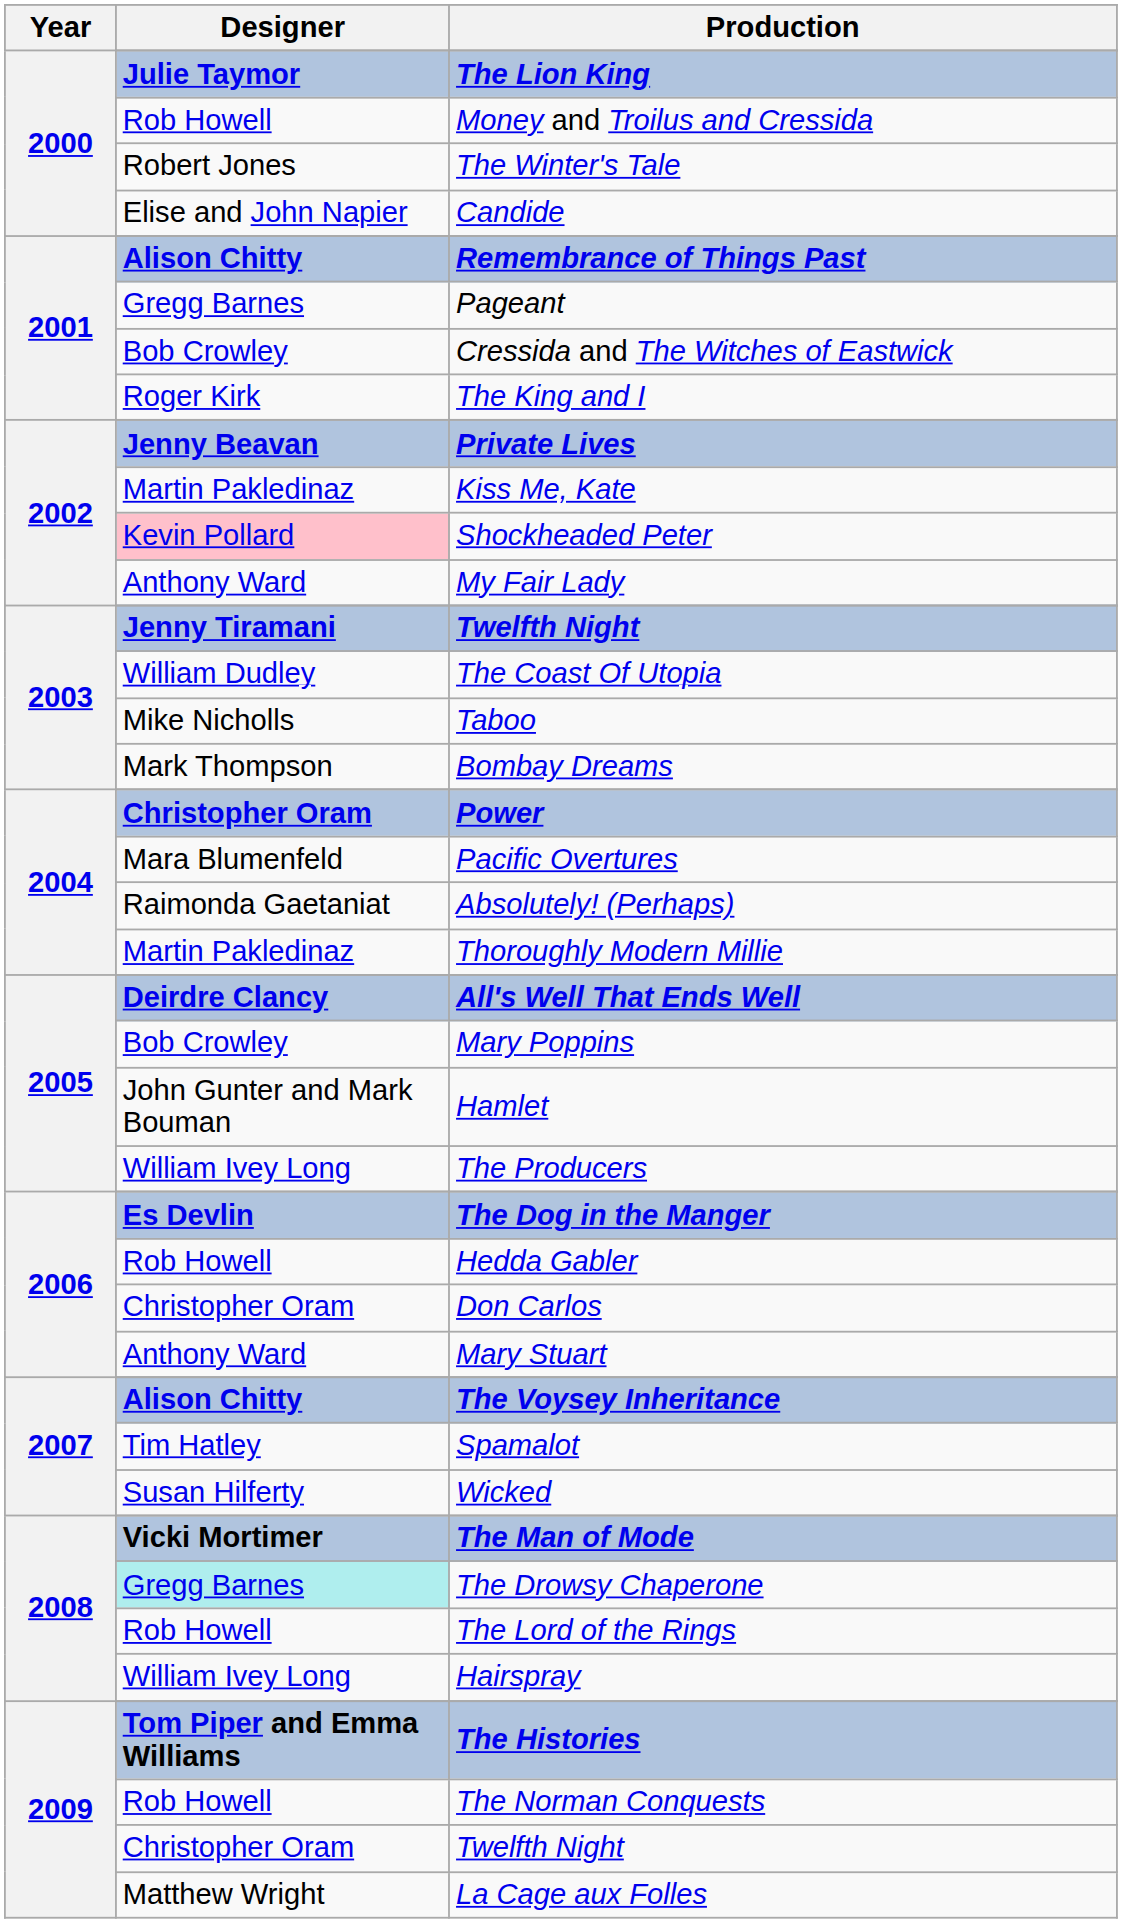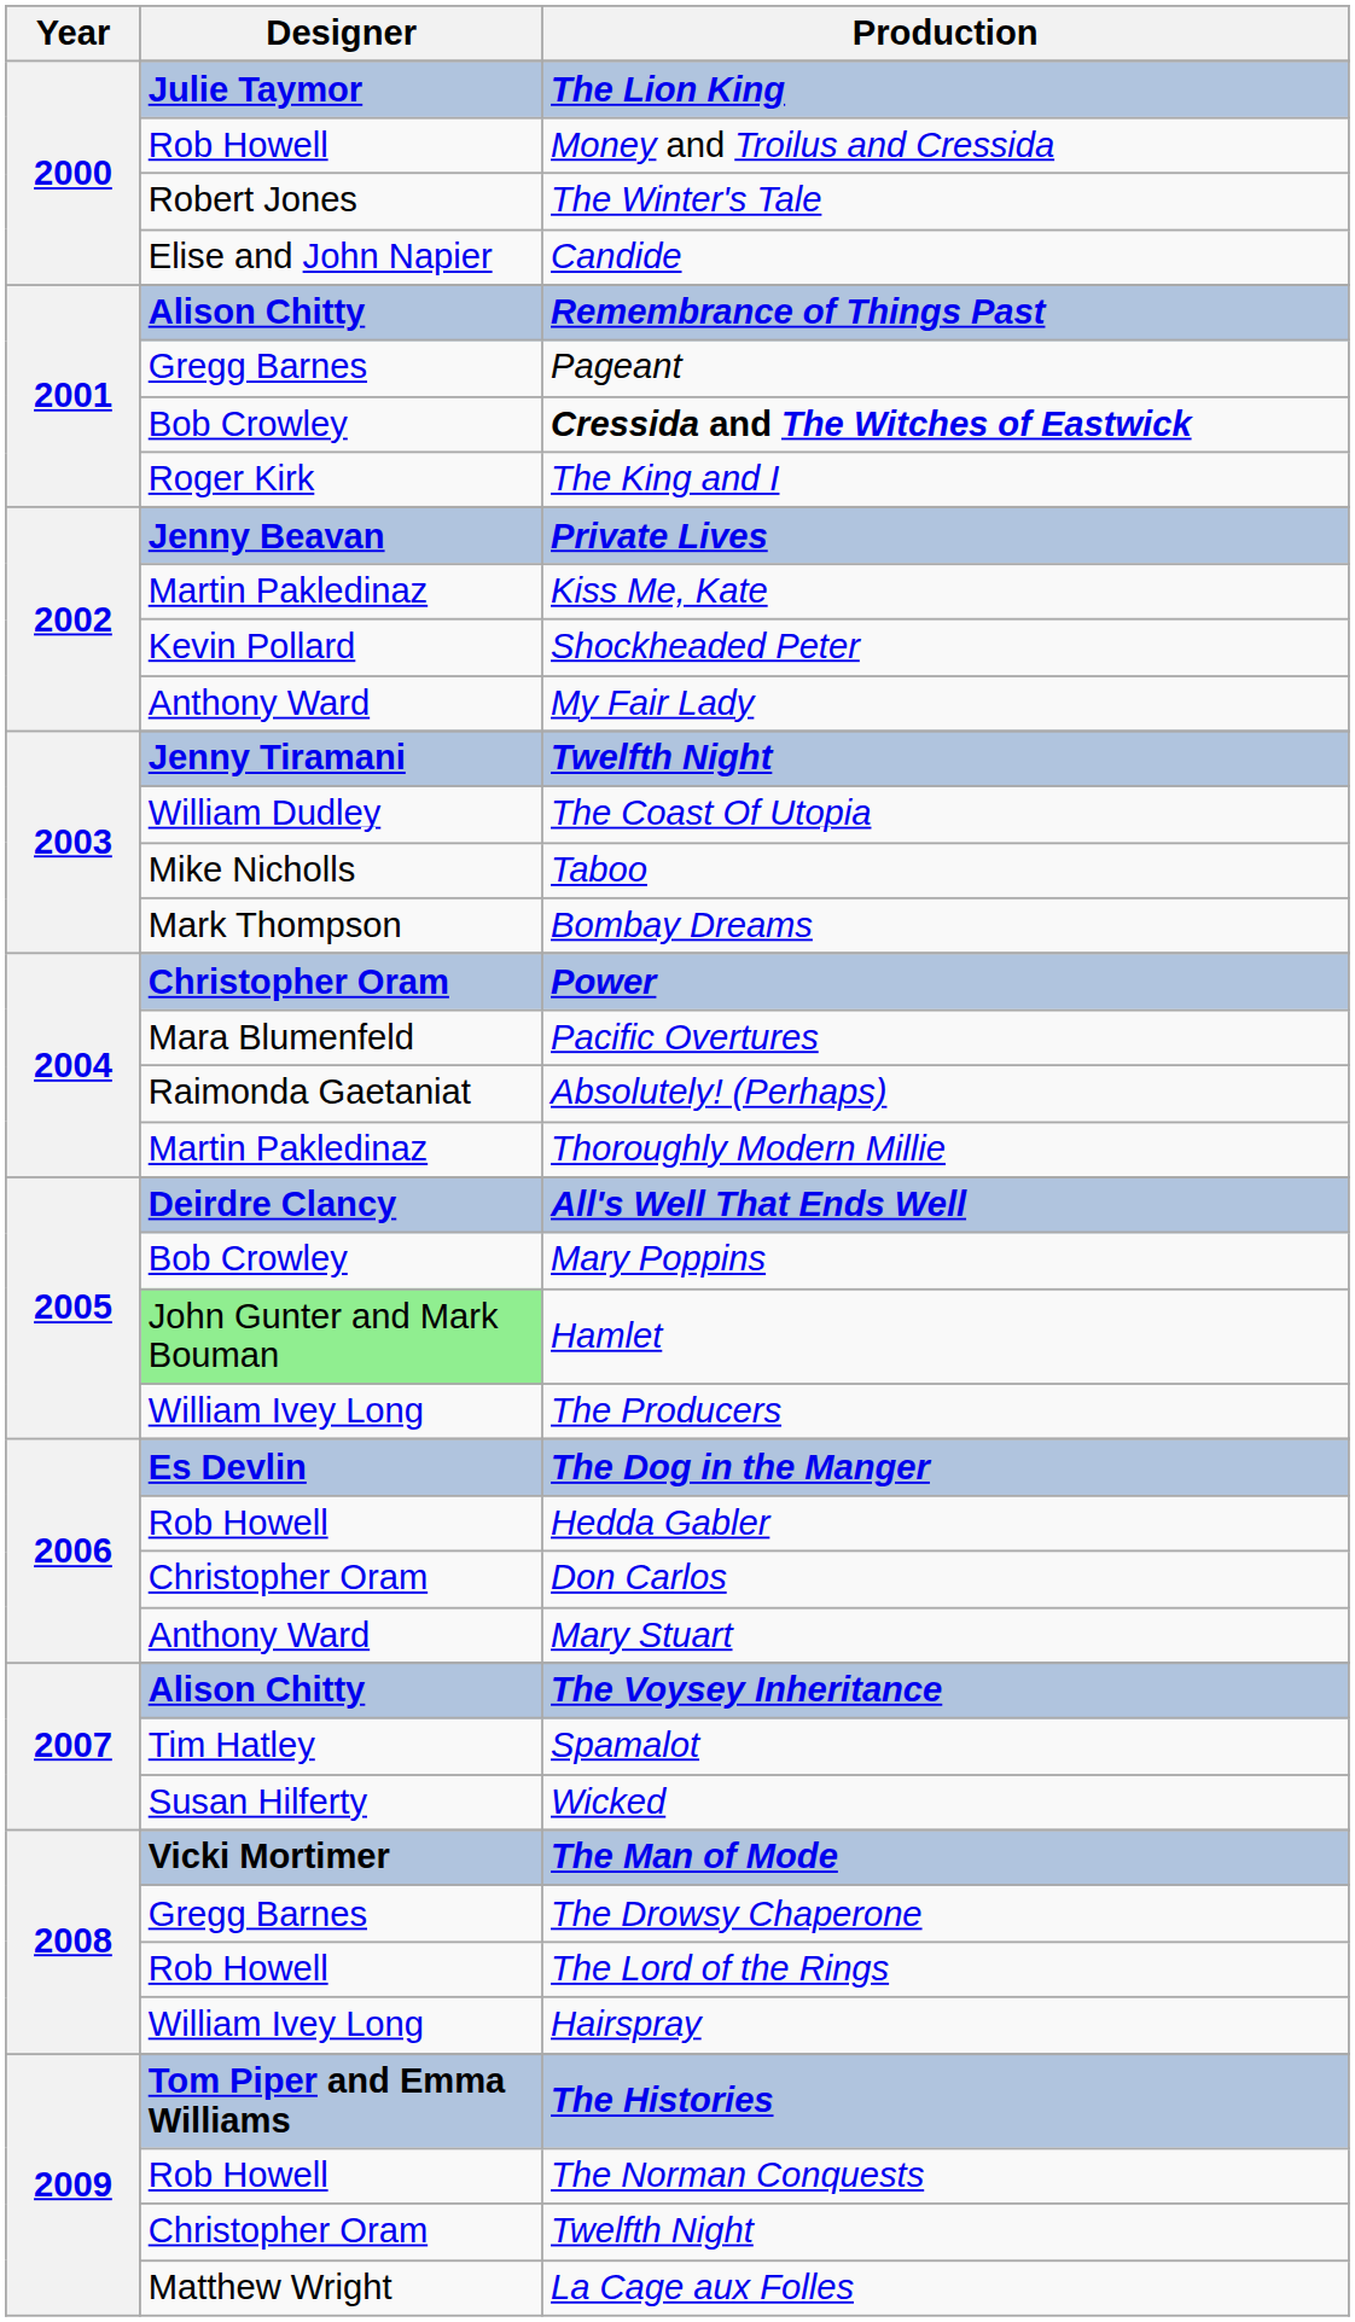 <table class="wikitable" style="width:98%;">
 <tr style="background:#bebebe;">
 <th style="width:10%;">Year</th>
 <th style="width:30%;">Designer</th>
 <th style="width:60%;">Production</th>
 </tr>
 <tr>
 <th rowspan="5" align="center"><a href='#'>2000</a></th>
 </tr>
 <tr style="background:#B0C4DE">
 <td><strong><a href='#'>Julie Taymor</a></strong></td>
 <td><strong><em><a href='#'>The Lion King</a></em></strong></td>
 </tr>
 <tr>
 <td><a href='#'>Rob Howell</a></td>
 <td><em><a href='#'>Money</a></em> and <em><a href='#'>Troilus and Cressida</a></em></td>
 </tr>
 <tr>
 <td>Robert Jones</td>
 <td><em><a href='#'>The Winter's Tale</a></em></td>
 </tr>
 <tr>
 <td>Elise and <a href='#'>John Napier</a></td>
 <td><em><a href='#'>Candide</a></em></td>
 </tr>
 <tr>
 <th rowspan="5" align="center"><a href='#'>2001</a></th>
 </tr>
 <tr style="background:#B0C4DE">
 <td><strong><a href='#'>Alison Chitty</a></strong></td>
 <td><strong><em><a href='#'>Remembrance of Things Past</a></em></strong></td>
 </tr>
 <tr>
 <td><a href='#'>Gregg Barnes</a></td>
 <td><em>Pageant</em></td>
 </tr>
 <tr>
 <td><a href='#'>Bob Crowley</a></td>
-<td><em>Cressida</em> and <em><a href='#'>The Witches of Eastwick</a></em></td>
+<td><strong><em>Cressida</em> and <em><a href='#'>The Witches of Eastwick</a></em></strong></td>
 </tr>
 <tr>
 <td><a href='#'>Roger Kirk</a></td>
 <td><em><a href='#'>The King and I</a></em></td>
 </tr>
 <tr>
 <th rowspan="5" align="center"><a href='#'>2002</a></th>
 </tr>
 <tr style="background:#B0C4DE">
 <td><strong><a href='#'>Jenny Beavan</a></strong></td>
 <td><strong><em><a href='#'>Private Lives</a></em></strong></td>
 </tr>
 <tr>
 <td><a href='#'>Martin Pakledinaz</a></td>
 <td><em><a href='#'>Kiss Me, Kate</a></em></td>
 </tr>
 <tr>
-<td style="background: pink;"><a href='#'>Kevin Pollard</a></td>
+<td><a href='#'>Kevin Pollard</a></td>
 <td><em><a href='#'>Shockheaded Peter</a></em></td>
 </tr>
 <tr>
 <td><a href='#'>Anthony Ward</a></td>
 <td><em><a href='#'>My Fair Lady</a></em></td>
 </tr>
 <tr>
 <th rowspan="5" align="center"><a href='#'>2003</a></th>
 </tr>
 <tr style="background:#B0C4DE">
 <td><strong><a href='#'>Jenny Tiramani</a></strong></td>
 <td><strong><em><a href='#'>Twelfth Night</a></em></strong></td>
 </tr>
 <tr>
 <td><a href='#'>William Dudley</a></td>
 <td><em><a href='#'>The Coast Of Utopia</a></em></td>
 </tr>
 <tr>
 <td>Mike Nicholls</td>
 <td><em><a href='#'>Taboo</a></em></td>
 </tr>
 <tr>
 <td>Mark Thompson</td>
 <td><em><a href='#'>Bombay Dreams</a></em></td>
 </tr>
 <tr>
 <th rowspan="5" align="center"><a href='#'>2004</a></th>
 </tr>
 <tr style="background:#B0C4DE">
 <td><strong><a href='#'>Christopher Oram</a></strong></td>
 <td><strong><em><a href='#'>Power</a></em></strong></td>
 </tr>
 <tr>
 <td>Mara Blumenfeld</td>
 <td><em><a href='#'>Pacific Overtures</a></em></td>
 </tr>
 <tr>
 <td>Raimonda Gaetaniat</td>
 <td><em><a href='#'>Absolutely! (Perhaps)</a></em></td>
 </tr>
 <tr>
 <td><a href='#'>Martin Pakledinaz</a></td>
 <td><em><a href='#'>Thoroughly Modern Millie</a></em></td>
 </tr>
 <tr>
 <th rowspan="5" align="center"><a href='#'>2005</a></th>
 </tr>
 <tr style="background:#B0C4DE">
 <td><strong><a href='#'>Deirdre Clancy</a></strong></td>
 <td><strong><em><a href='#'>All's Well That Ends Well</a></em></strong></td>
 </tr>
 <tr>
 <td><a href='#'>Bob Crowley</a></td>
 <td><em><a href='#'>Mary Poppins</a></em></td>
 </tr>
 <tr>
-<td>John Gunter and Mark Bouman</td>
+<td style="background: lightgreen;">John Gunter and Mark Bouman</td>
 <td><em><a href='#'>Hamlet</a></em></td>
 </tr>
 <tr>
 <td><a href='#'>William Ivey Long</a></td>
 <td><em><a href='#'>The Producers</a></em></td>
 </tr>
 <tr>
 <th rowspan="5" align="center"><a href='#'>2006</a></th>
 </tr>
 <tr style="background:#B0C4DE">
 <td><strong><a href='#'>Es Devlin</a></strong></td>
 <td><strong><em><a href='#'>The Dog in the Manger</a></em></strong></td>
 </tr>
 <tr>
 <td><a href='#'>Rob Howell</a></td>
 <td><em><a href='#'>Hedda Gabler</a></em></td>
 </tr>
 <tr>
 <td><a href='#'>Christopher Oram</a></td>
 <td><em><a href='#'>Don Carlos</a></em></td>
 </tr>
 <tr>
 <td><a href='#'>Anthony Ward</a></td>
 <td><em><a href='#'>Mary Stuart</a></em></td>
 </tr>
 <tr>
 <th rowspan="4" align="center"><a href='#'>2007</a></th>
 </tr>
 <tr style="background:#B0C4DE">
 <td><strong><a href='#'>Alison Chitty</a></strong></td>
 <td><strong><em><a href='#'>The Voysey Inheritance</a></em></strong></td>
 </tr>
 <tr>
 <td><a href='#'>Tim Hatley</a></td>
 <td><em><a href='#'>Spamalot</a></em></td>
 </tr>
 <tr>
 <td><a href='#'>Susan Hilferty</a></td>
 <td><em><a href='#'>Wicked</a></em></td>
 </tr>
 <tr>
 <th rowspan="5" align="center"><a href='#'>2008</a></th>
 </tr>
 <tr style="background:#B0C4DE">
 <td><strong>Vicki Mortimer</strong></td>
 <td><strong><em><a href='#'>The Man of Mode</a></em></strong></td>
 </tr>
 <tr>
-<td style="background: paleturquoise;"><a href='#'>Gregg Barnes</a></td>
+<td><a href='#'>Gregg Barnes</a></td>
 <td><em><a href='#'>The Drowsy Chaperone</a></em></td>
 </tr>
 <tr>
 <td><a href='#'>Rob Howell</a></td>
 <td><em><a href='#'>The Lord of the Rings</a></em></td>
 </tr>
 <tr>
 <td><a href='#'>William Ivey Long</a></td>
 <td><em><a href='#'>Hairspray</a></em></td>
 </tr>
 <tr>
 <th rowspan="5" align="center"><a href='#'>2009</a></th>
 </tr>
 <tr style="background:#B0C4DE">
 <td><strong><a href='#'>Tom Piper</a> and Emma Williams</strong></td>
 <td><strong><em><a href='#'>The Histories</a></em></strong></td>
 </tr>
 <tr>
 <td><a href='#'>Rob Howell</a></td>
 <td><em><a href='#'>The Norman Conquests</a></em></td>
 </tr>
 <tr>
 <td><a href='#'>Christopher Oram</a></td>
 <td><em><a href='#'>Twelfth Night</a></em></td>
 </tr>
 <tr>
 <td>Matthew Wright</td>
 <td><em><a href='#'>La Cage aux Folles</a></em></td>
 </tr>
 </table>
